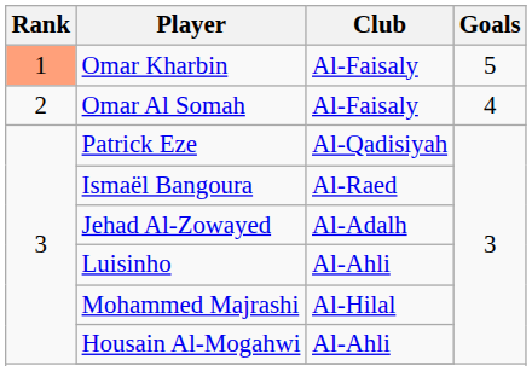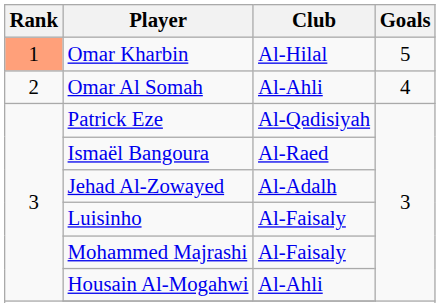 <table class="wikitable sortable" style="text-align:center">
 <tr>
 <th>Rank</th>
 <th>Player</th>
 <th>Club</th>
 <th>Goals</th>
 </tr>
 <tr>
 <td style="background: lightsalmon;">1</td>
 <td align=left> <a href='#'>Omar Kharbin</a></td>
-<td align=left><a href='#'>Al-Faisaly</a></td>
+<td align=left><a href='#'>Al-Hilal</a></td>
 <td>5</td>
 </tr>
 <tr>
 <td>2</td>
 <td align=left> <a href='#'>Omar Al Somah</a></td>
-<td align=left><a href='#'>Al-Faisaly</a></td>
+<td align=left><a href='#'>Al-Ahli</a></td>
 <td>4</td>
 </tr>
 <tr>
 <td rowspan="7">3</td>
 <td align=left> <a href='#'>Patrick Eze</a></td>
 <td align=left><a href='#'>Al-Qadisiyah</a></td>
 <td rowspan="7">3</td>
 </tr>
 <tr>
 <td align=left> <a href='#'>Ismaël Bangoura</a></td>
 <td align=left><a href='#'>Al-Raed</a></td>
 </tr>
 <tr>
 <td align=left> <a href='#'>Jehad Al-Zowayed</a></td>
 <td align=left><a href='#'>Al-Adalh</a></td>
 </tr>
 <tr>
 <td align=left> <a href='#'>Luisinho</a></td>
-<td align=left><a href='#'>Al-Ahli</a></td>
+<td align=left><a href='#'>Al-Faisaly</a></td>
 </tr>
 <tr>
 <td align=left> <a href='#'>Mohammed Majrashi</a></td>
-<td align=left><a href='#'>Al-Hilal</a></td>
+<td align=left><a href='#'>Al-Faisaly</a></td>
 </tr>
 <tr>
 <td align=left> <a href='#'>Housain Al-Mogahwi</a></td>
 <td align=left><a href='#'>Al-Ahli</a></td>
 </tr>
 <tr>
 </tr>
 </table>
